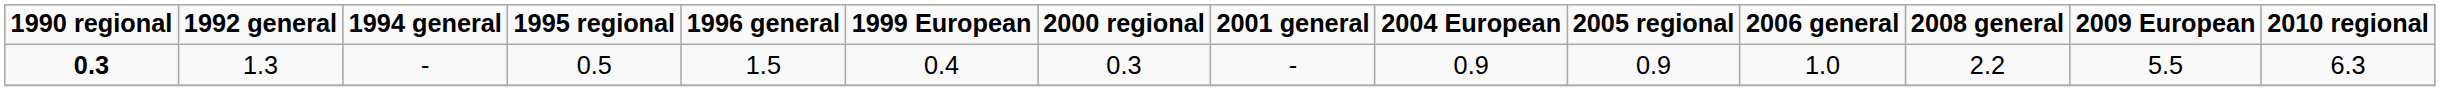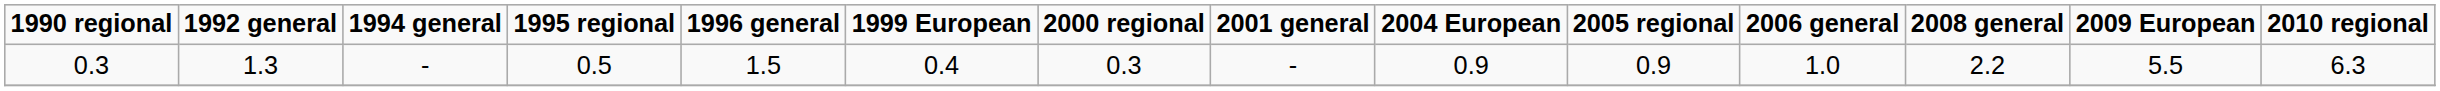 <table class="wikitable" style="text-align:center">
 <tr>
 <td><strong>1990 regional</strong></td>
 <td><strong>1992 general</strong></td>
 <td><strong>1994 general</strong></td>
 <td><strong>1995 regional</strong></td>
 <td><strong>1996 general</strong></td>
 <td><strong>1999 European</strong></td>
 <td><strong>2000 regional</strong></td>
 <td><strong>2001 general</strong></td>
 <td><strong>2004 European</strong></td>
 <td><strong>2005 regional</strong></td>
 <td><strong>2006 general</strong></td>
 <td><strong>2008 general</strong></td>
 <td><strong>2009 European</strong></td>
 <td><strong>2010 regional</strong></td>
 </tr>
 <tr>
-<td><strong>0.3</strong></td>
+<td>0.3</td>
 <td>1.3</td>
 <td>-</td>
 <td>0.5</td>
 <td>1.5</td>
 <td>0.4</td>
 <td>0.3</td>
 <td>-</td>
 <td>0.9</td>
 <td>0.9</td>
 <td>1.0</td>
 <td>2.2</td>
 <td>5.5</td>
 <td>6.3</td>
 </tr>
 <tr>
 </tr>
 </table>
